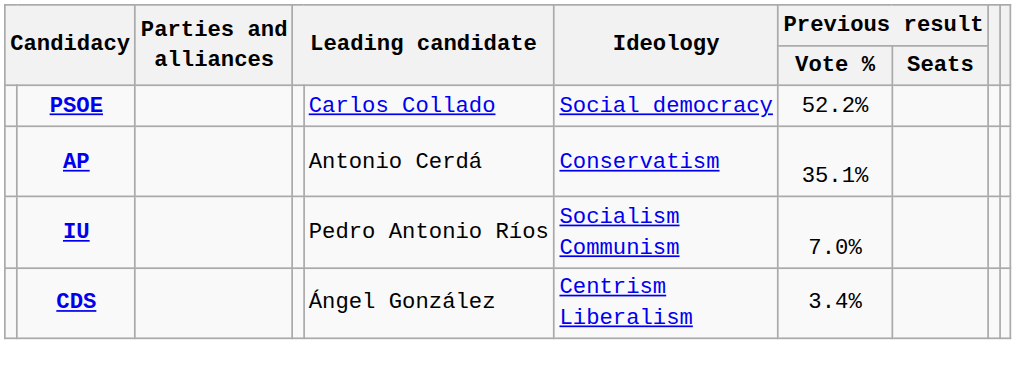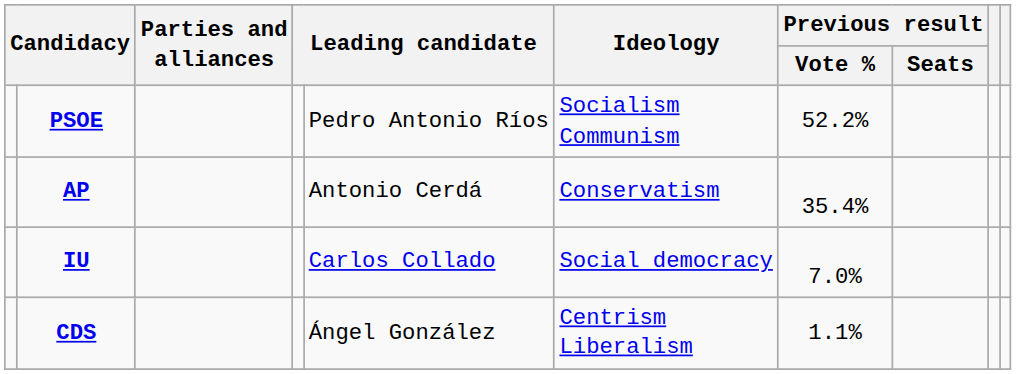 <table class="wikitable" style="line-height:1.35em; text-align:left;">
 <tr>
 <th colspan="2" rowspan="2">Candidacy</th>
 <th rowspan="2">Parties and<br>alliances</th>
 <th colspan="2" rowspan="2">Leading candidate</th>
 <th rowspan="2">Ideology</th>
 <th colspan="2">Previous result</th>
 <th rowspan="2"></th>
 <th rowspan="2"></th>
 </tr>
 <tr>
 <th>Vote %</th>
 <th>Seats</th>
 </tr>
 <tr>
 <td width="1" style="color:inherit;background:"></td>
 <td align="center"><strong><a href='#'>PSOE</a></strong></td>
 <td></td>
 <td></td>
-<td><a href='#'>Carlos Collado</a></td>
-<td><a href='#'>Social democracy</a></td>
+<td>Pedro Antonio Ríos</td>
+<td><a href='#'>Socialism</a><br><a href='#'>Communism</a></td>
 <td align="center">52.2%</td>
 <td></td>
 <td></td>
 <td></td>
 </tr>
 <tr>
 <td style="color:inherit;background:"></td>
 <td align="center"><strong><a href='#'>AP</a></strong></td>
 <td></td>
 <td></td>
 <td>Antonio Cerdá</td>
 <td><a href='#'>Conservatism</a></td>
-<td align="center"><br>35.1%<br></td>
+<td align="center"><br>35.4%<br></td>
 <td></td>
 <td></td>
 <td></td>
 </tr>
 <tr>
 <td style="color:inherit;background:"></td>
 <td align="center"><strong><a href='#'>IU</a></strong></td>
 <td></td>
 <td></td>
-<td>Pedro Antonio Ríos</td>
-<td><a href='#'>Socialism</a><br><a href='#'>Communism</a></td>
+<td><a href='#'>Carlos Collado</a></td>
+<td><a href='#'>Social democracy</a></td>
 <td align="center"><br>7.0%<br></td>
 <td></td>
 <td></td>
 <td></td>
 </tr>
 <tr>
 <td style="color:inherit;background:"></td>
 <td align="center"><strong><a href='#'>CDS</a></strong></td>
 <td></td>
 <td></td>
 <td>Ángel González</td>
 <td><a href='#'>Centrism</a><br><a href='#'>Liberalism</a></td>
-<td align="center">3.4%</td>
+<td align="center">1.1%</td>
 <td></td>
 <td></td>
 <td></td>
 </tr>
 </table>
